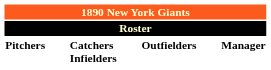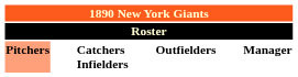 <table class="toccolours" style="font-size: 95%;">
 <tr>
 <th colspan="10" style="background-color: #fd5a1e; color: #FFFDD0; text-align: center;">1890 New York Giants</th>
 </tr>
 <tr>
 <td colspan="10" style="background-color: black; color: #FFFDD0; text-align: center;"><strong>Roster</strong></td>
 </tr>
 <tr>
-<td valign="top"><strong>Pitchers</strong><br>   </td>
+<td valign="top" style="background: lightsalmon;"><strong>Pitchers</strong><br>   </td>
 <td width="25px"></td>
 <td valign="top"><strong>Catchers</strong><br>   <strong>Infielders</strong>      </td>
 <td width="25px"></td>
 <td valign="top"><strong>Outfielders</strong><br>   </td>
 <td width="25px"></td>
 <td valign="top"><strong>Manager</strong><br></td>
 </tr>
 </table>
